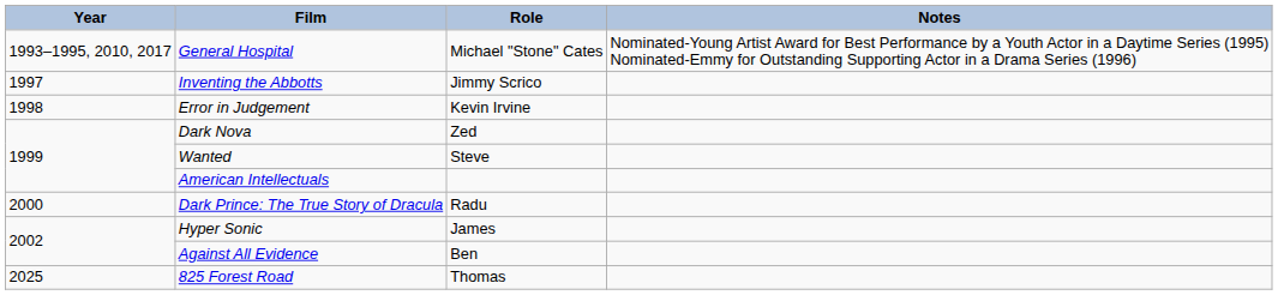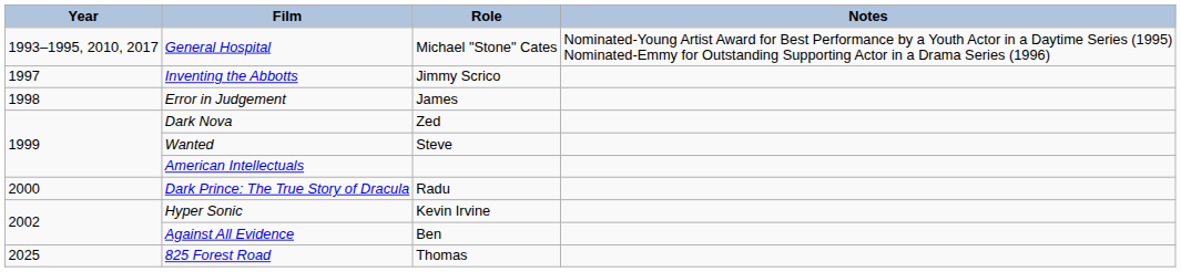 <table class="wikitable" style="font-size:90%;">
 <tr>
 <th style="background:#B0C4DE;">Year</th>
 <th style="background:#B0C4DE;">Film</th>
 <th style="background:#B0C4DE;">Role</th>
 <th style="background:#B0C4DE;">Notes</th>
 </tr>
 <tr>
 <td>1993–1995, 2010, 2017</td>
 <td><em><a href='#'>General Hospital</a></em></td>
 <td>Michael "Stone" Cates</td>
 <td>Nominated-Young Artist Award for Best Performance by a Youth Actor in a Daytime Series (1995)<br>Nominated-Emmy for Outstanding Supporting Actor in a Drama Series (1996)</td>
 </tr>
 <tr>
 <td>1997</td>
 <td><em><a href='#'>Inventing the Abbotts</a></em></td>
 <td>Jimmy Scrico</td>
 <td></td>
 </tr>
 <tr>
 <td>1998</td>
 <td><em>Error in Judgement</em></td>
-<td>Kevin Irvine</td>
+<td>James</td>
 <td></td>
 </tr>
 <tr>
 <td rowspan="3">1999</td>
 <td><em>Dark Nova</em></td>
 <td>Zed</td>
 <td></td>
 </tr>
 <tr>
 <td><em>Wanted</em></td>
 <td>Steve</td>
 <td></td>
 </tr>
 <tr>
 <td><em><a href='#'>American Intellectuals</a></em></td>
 <td></td>
 <td></td>
 </tr>
 <tr>
 <td>2000</td>
 <td><em><a href='#'>Dark Prince: The True Story of Dracula</a></em></td>
 <td>Radu</td>
 <td></td>
 </tr>
 <tr>
 <td rowspan="2">2002</td>
 <td><em>Hyper Sonic</em></td>
-<td>James</td>
+<td>Kevin Irvine</td>
 <td></td>
 </tr>
 <tr>
 <td><em><a href='#'>Against All Evidence</a></em></td>
 <td>Ben</td>
 <td></td>
 </tr>
 <tr>
 <td>2025</td>
 <td><em><a href='#'>825 Forest Road</a></em></td>
 <td>Thomas</td>
 <td></td>
 </tr>
 </table>
